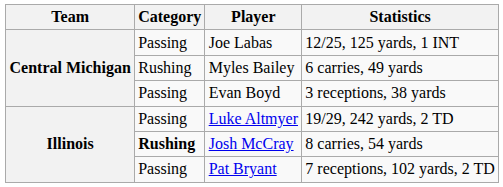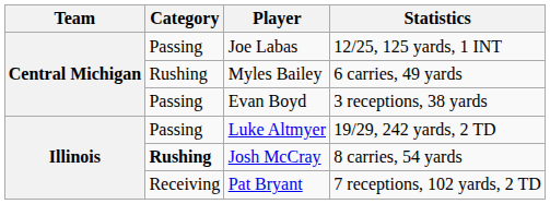 <table class="wikitable" style="float:right">
 <tr>
 <th>Team</th>
 <th>Category</th>
 <th>Player</th>
 <th>Statistics</th>
 </tr>
 <tr>
 <th rowspan=3>Central Michigan</th>
 <td>Passing</td>
 <td>Joe Labas</td>
 <td>12/25, 125 yards, 1 INT</td>
 </tr>
 <tr>
 <td>Rushing</td>
 <td>Myles Bailey</td>
 <td>6 carries, 49 yards</td>
 </tr>
 <tr>
 <td>Passing</td>
 <td>Evan Boyd</td>
 <td>3 receptions, 38 yards</td>
 </tr>
 <tr>
 <th rowspan=3>Illinois</th>
 <td>Passing</td>
 <td><a href='#'>Luke Altmyer</a></td>
 <td>19/29, 242 yards, 2 TD</td>
 </tr>
 <tr>
 <td><strong>Rushing</strong></td>
 <td><a href='#'>Josh McCray</a></td>
 <td>8 carries, 54 yards</td>
 </tr>
 <tr>
-<td>Passing</td>
+<td>Receiving</td>
 <td><a href='#'>Pat Bryant</a></td>
 <td>7 receptions, 102 yards, 2 TD</td>
 </tr>
 </table>
